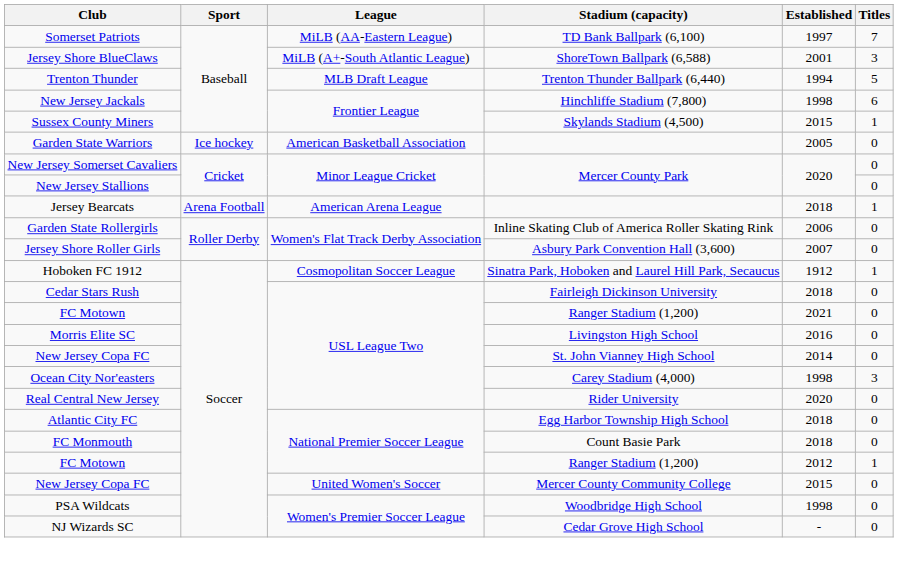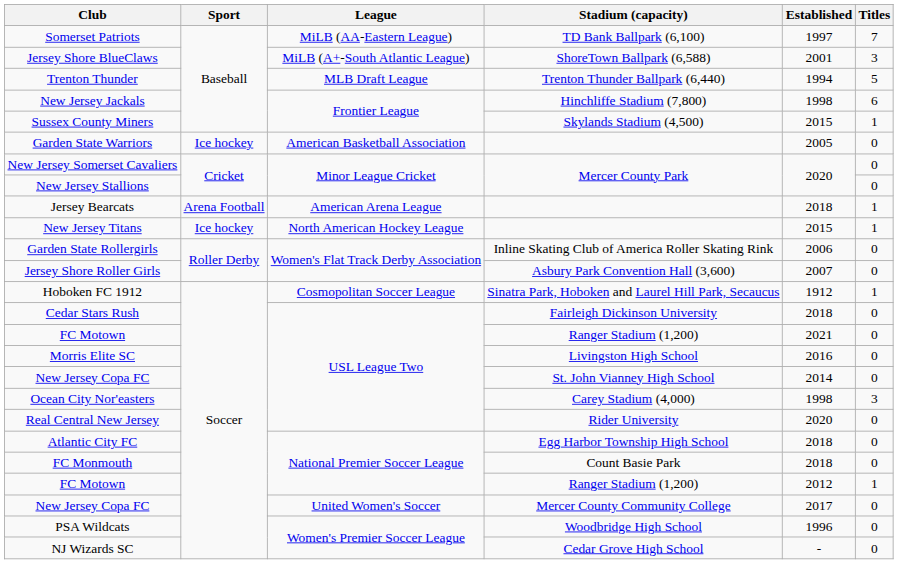 <table class="wikitable"  style="text-align:center;">
 <tr>
 <th>Club</th>
 <th>Sport</th>
 <th>League</th>
 <th>Stadium (capacity)</th>
 <th>Established</th>
 <th>Titles</th>
 </tr>
 <tr>
 <td><a href='#'>Somerset Patriots</a></td>
 <td rowspan="5">Baseball</td>
 <td><a href='#'>MiLB</a> (<a href='#'>AA</a>-<a href='#'>Eastern League</a>)</td>
 <td><a href='#'>TD Bank Ballpark</a> (6,100)</td>
 <td>1997</td>
 <td>7</td>
 </tr>
 <tr>
 <td><a href='#'>Jersey Shore BlueClaws</a></td>
 <td><a href='#'>MiLB</a> (<a href='#'>A+</a>-<a href='#'>South Atlantic League</a>)</td>
 <td><a href='#'>ShoreTown Ballpark</a> (6,588)</td>
 <td>2001</td>
 <td>3</td>
 </tr>
 <tr>
 <td><a href='#'>Trenton Thunder</a></td>
 <td><a href='#'>MLB Draft League</a></td>
 <td><a href='#'>Trenton Thunder Ballpark</a> (6,440)</td>
 <td>1994</td>
 <td>5</td>
 </tr>
 <tr>
 <td><a href='#'>New Jersey Jackals</a></td>
 <td rowspan="2"><a href='#'>Frontier League</a></td>
 <td><a href='#'>Hinchliffe Stadium</a> (7,800)</td>
 <td>1998</td>
 <td>6</td>
 </tr>
 <tr>
 <td><a href='#'>Sussex County Miners</a></td>
 <td><a href='#'>Skylands Stadium</a> (4,500)</td>
 <td>2015</td>
 <td>1</td>
 </tr>
 <tr>
 <td><a href='#'>Garden State Warriors</a></td>
 <td><a href='#'>Ice hockey</a></td>
 <td><a href='#'>American Basketball Association</a></td>
 <td></td>
 <td>2005</td>
 <td>0</td>
 </tr>
 <tr>
 <td><a href='#'>New Jersey Somerset Cavaliers</a></td>
 <td rowspan="2"><a href='#'>Cricket</a></td>
 <td rowspan="2"><a href='#'>Minor League Cricket</a></td>
 <td rowspan="2"><a href='#'>Mercer County Park</a></td>
 <td rowspan="2">2020</td>
 <td>0</td>
 </tr>
 <tr>
 <td><a href='#'>New Jersey Stallions</a></td>
 <td>0</td>
 </tr>
 <tr>
 <td>Jersey Bearcats</td>
 <td><a href='#'>Arena Football</a></td>
 <td><a href='#'>American Arena League</a></td>
 <td></td>
 <td>2018</td>
+<td>1</td>
+</tr>
+<tr>
+<td><a href='#'>New Jersey Titans</a></td>
+<td><a href='#'>Ice hockey</a></td>
+<td><a href='#'>North American Hockey League</a></td>
+<td></td>
+<td>2015</td>
 <td>1</td>
 </tr>
 <tr>
 <td><a href='#'>Garden State Rollergirls</a></td>
 <td rowspan="2"><a href='#'>Roller Derby</a></td>
 <td rowspan="2"><a href='#'>Women's Flat Track Derby Association</a></td>
 <td>Inline Skating Club of America Roller Skating Rink</td>
 <td>2006</td>
 <td>0</td>
 </tr>
 <tr>
 <td><a href='#'>Jersey Shore Roller Girls</a></td>
 <td><a href='#'>Asbury Park Convention Hall</a> (3,600)</td>
 <td>2007</td>
 <td>0</td>
 </tr>
 <tr>
 <td>Hoboken FC 1912</td>
 <td rowspan="13">Soccer</td>
 <td><a href='#'>Cosmopolitan Soccer League</a></td>
 <td><a href='#'>Sinatra Park, Hoboken</a> and <a href='#'>Laurel Hill Park, Secaucus</a></td>
 <td>1912</td>
 <td>1</td>
 </tr>
 <tr>
 <td><a href='#'>Cedar Stars Rush</a></td>
 <td rowspan="6"><a href='#'>USL League Two</a></td>
 <td><a href='#'>Fairleigh Dickinson University</a></td>
 <td>2018</td>
 <td>0</td>
 </tr>
 <tr>
 <td><a href='#'>FC Motown</a></td>
 <td><a href='#'>Ranger Stadium</a> (1,200)</td>
 <td>2021</td>
 <td>0</td>
 </tr>
 <tr>
 <td><a href='#'>Morris Elite SC</a></td>
 <td><a href='#'>Livingston High School</a></td>
 <td>2016</td>
 <td>0</td>
 </tr>
 <tr>
 <td><a href='#'>New Jersey Copa FC</a></td>
 <td><a href='#'>St. John Vianney High School</a></td>
 <td>2014</td>
 <td>0</td>
 </tr>
 <tr>
 <td><a href='#'>Ocean City Nor'easters</a></td>
 <td><a href='#'>Carey Stadium</a> (4,000)</td>
 <td>1998</td>
 <td>3</td>
 </tr>
 <tr>
 <td><a href='#'>Real Central New Jersey</a></td>
 <td><a href='#'>Rider University</a></td>
 <td>2020</td>
 <td>0</td>
 </tr>
 <tr>
 <td><a href='#'>Atlantic City FC</a></td>
 <td rowspan="3"><a href='#'>National Premier Soccer League</a></td>
 <td><a href='#'>Egg Harbor Township High School</a></td>
 <td>2018</td>
 <td>0</td>
 </tr>
 <tr>
 <td><a href='#'>FC Monmouth</a></td>
 <td>Count Basie Park</td>
 <td>2018</td>
 <td>0</td>
 </tr>
 <tr>
 <td><a href='#'>FC Motown</a></td>
 <td><a href='#'>Ranger Stadium</a> (1,200)</td>
 <td>2012</td>
 <td>1</td>
 </tr>
 <tr>
 <td><a href='#'>New Jersey Copa FC</a></td>
 <td><a href='#'>United Women's Soccer</a></td>
 <td><a href='#'>Mercer County Community College</a></td>
-<td>2015</td>
+<td>2017</td>
 <td>0</td>
 </tr>
 <tr>
 <td>PSA Wildcats</td>
 <td rowspan="2"><a href='#'>Women's Premier Soccer League</a></td>
 <td><a href='#'>Woodbridge High School</a></td>
-<td>1998</td>
+<td>1996</td>
 <td>0</td>
 </tr>
 <tr>
 <td>NJ Wizards SC</td>
 <td><a href='#'>Cedar Grove High School</a></td>
 <td>-</td>
 <td>0</td>
 </tr>
 </table>
